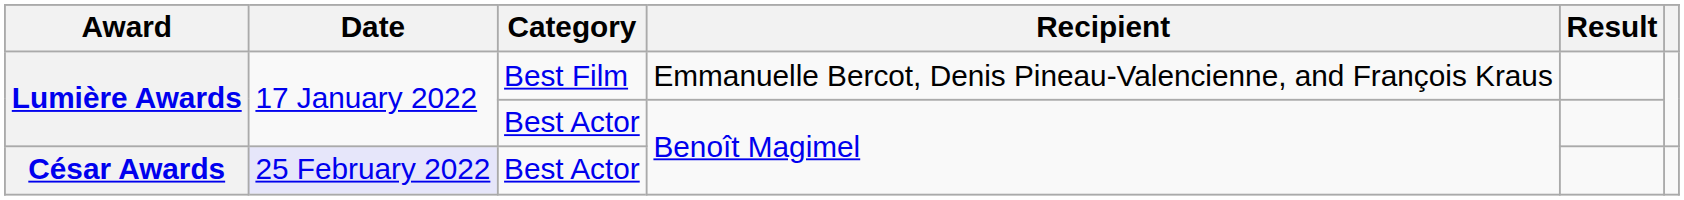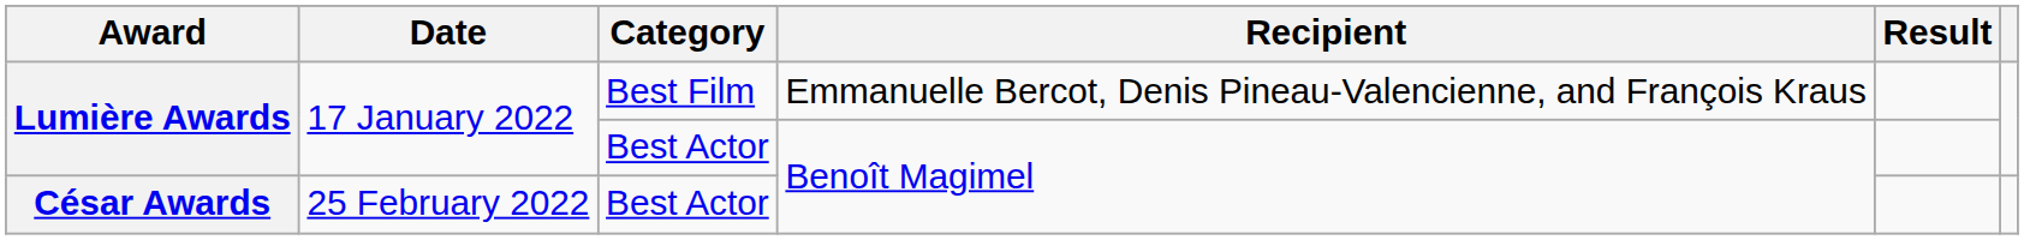 <table class="wikitable sortable plainrowheaders">
 <tr>
 <th>Award</th>
 <th>Date</th>
 <th>Category</th>
 <th>Recipient</th>
 <th>Result</th>
 <th></th>
 </tr>
 <tr>
 <th scope="row" rowspan="2"><a href='#'>Lumière Awards</a></th>
 <td rowspan="2"><a href='#'>17 January 2022</a></td>
 <td><a href='#'>Best Film</a></td>
 <td>Emmanuelle Bercot, Denis Pineau-Valencienne, and François Kraus</td>
 <td></td>
 <td rowspan="2" align="center"></td>
 </tr>
 <tr>
 <td><a href='#'>Best Actor</a></td>
 <td rowspan="2"><a href='#'>Benoît Magimel</a></td>
 <td></td>
 </tr>
 <tr>
 <th scope="row"><a href='#'>César Awards</a></th>
-<td style="background: lavender;"><a href='#'>25 February 2022</a></td>
+<td><a href='#'>25 February 2022</a></td>
 <td><a href='#'>Best Actor</a></td>
 <td></td>
 <td align="center"></td>
 </tr>
 </table>
